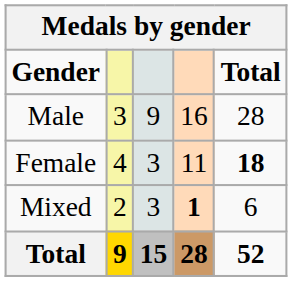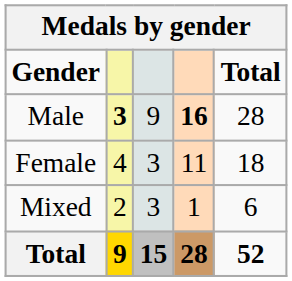 <table class="wikitable" style=font-size:85%;float:right;text-align:center>
 <tr>
 <th colspan=5>Medals by gender</th>
 </tr>
 <tr>
 <td><strong>Gender</strong></td>
 <td bgcolor=F7F6A8></td>
 <td bgcolor=DCE5E5></td>
 <td bgcolor=FFDAB9></td>
 <td><strong>Total</strong></td>
 </tr>
 <tr align=center>
 <td>Male</td>
-<td style="background:#F7F6A8;">3</td>
+<td style="background:#F7F6A8;"><strong>3</strong></td>
 <td style="background:#DCE5E5;">9</td>
-<td style="background:#FFDAB9;">16</td>
+<td style="background:#FFDAB9;"><strong>16</strong></td>
 <td>28</td>
 </tr>
 <tr align=center>
 <td>Female</td>
 <td style="background:#F7F6A8;">4</td>
 <td style="background:#DCE5E5;">3</td>
 <td style="background:#FFDAB9;">11</td>
-<td><strong>18</strong></td>
+<td>18</td>
 </tr>
 <tr align=center>
 <td>Mixed</td>
 <td style="background:#F7F6A8;">2</td>
 <td style="background:#DCE5E5;">3</td>
-<td style="background:#FFDAB9;"><strong>1</strong></td>
+<td style="background:#FFDAB9;">1</td>
 <td>6</td>
 </tr>
 <tr align=center>
 <th><strong>Total</strong></th>
 <th style="background:gold;"><strong>9</strong></th>
 <th style="background:silver;"><strong>15</strong></th>
 <th style="background:#c96;"><strong>28</strong></th>
 <td><strong>52</strong></td>
 </tr>
 </table>
